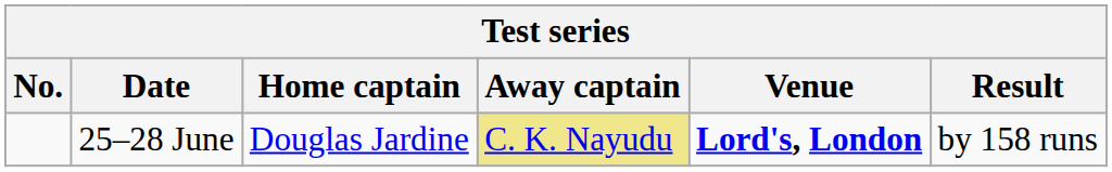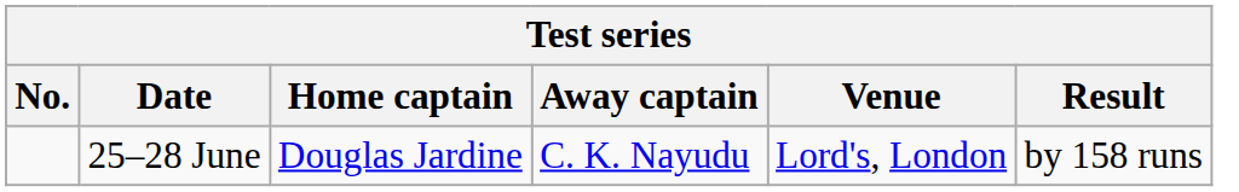 <table class="wikitable">
 <tr>
 <th colspan="9">Test series</th>
 </tr>
 <tr>
 <th>No.</th>
 <th>Date</th>
 <th>Home captain</th>
 <th>Away captain</th>
 <th>Venue</th>
 <th>Result</th>
 </tr>
 <tr>
 <td></td>
 <td>25–28 June</td>
 <td><a href='#'>Douglas Jardine</a></td>
-<td style="background: khaki;"><a href='#'>C. K. Nayudu</a></td>
-<td><strong><a href='#'>Lord's</a>, <a href='#'>London</a></strong></td>
+<td><a href='#'>C. K. Nayudu</a></td>
+<td><a href='#'>Lord's</a>, <a href='#'>London</a></td>
 <td> by 158 runs</td>
 </tr>
 </table>
